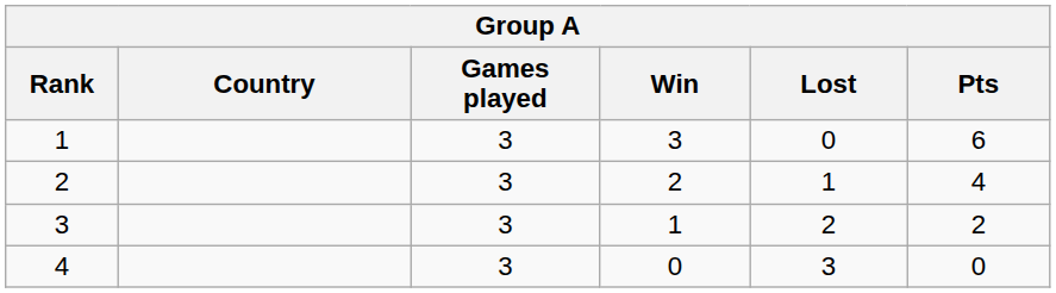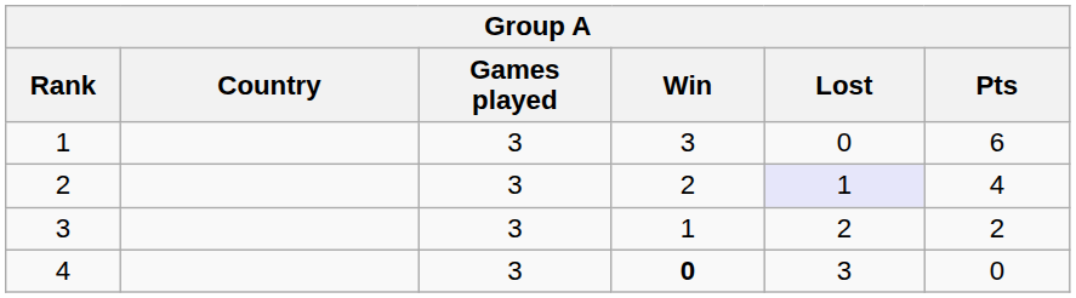 <table class="wikitable" style= "text-align: center; Width:50%">
 <tr>
 <th colspan= 6>Group A</th>
 </tr>
 <tr>
 <th width=2%>Rank</th>
 <th width=10%>Country</th>
 <th width=5%>Games <br> played</th>
 <th width=5%>Win</th>
 <th width=5%>Lost</th>
 <th width=5%>Pts</th>
 </tr>
 <tr>
 <td>1</td>
 <td style= "text-align: left"></td>
 <td>3</td>
 <td>3</td>
 <td>0</td>
 <td>6</td>
 </tr>
 <tr>
 <td>2</td>
 <td style= "text-align: left"></td>
 <td>3</td>
 <td>2</td>
-<td>1</td>
+<td style="background: lavender;">1</td>
 <td>4</td>
 </tr>
 <tr>
 <td>3</td>
 <td style= "text-align: left"></td>
 <td>3</td>
 <td>1</td>
 <td>2</td>
 <td>2</td>
 </tr>
 <tr>
 <td>4</td>
 <td style= "text-align: left"></td>
 <td>3</td>
-<td>0</td>
+<td><strong>0</strong></td>
 <td>3</td>
 <td>0</td>
 </tr>
 </table>
